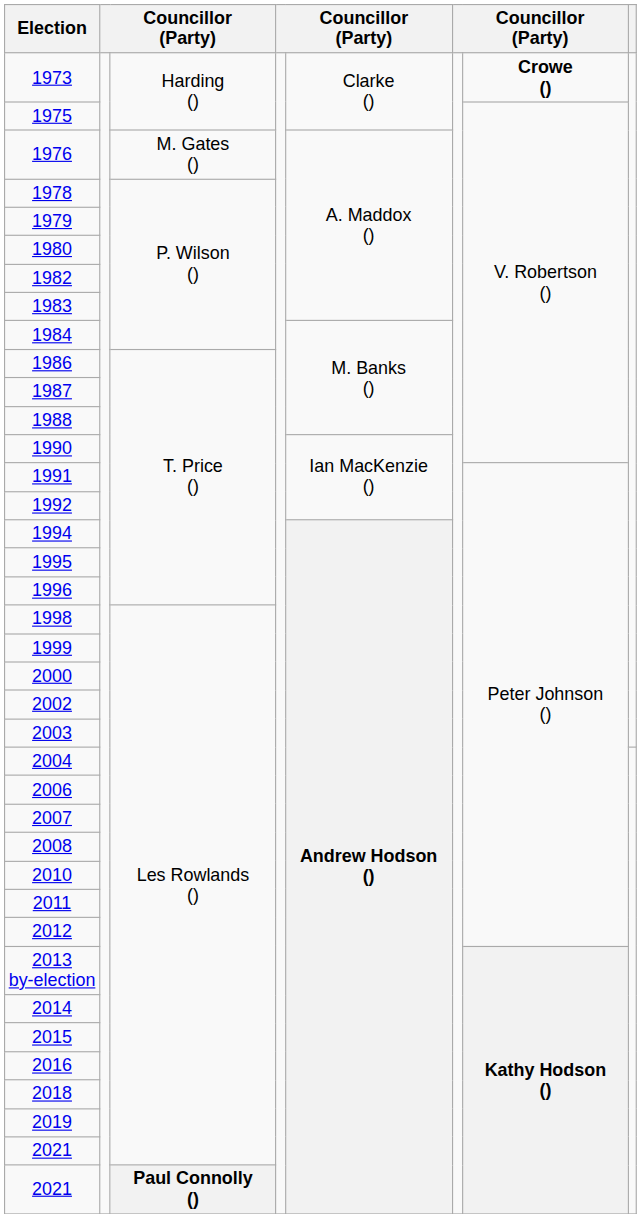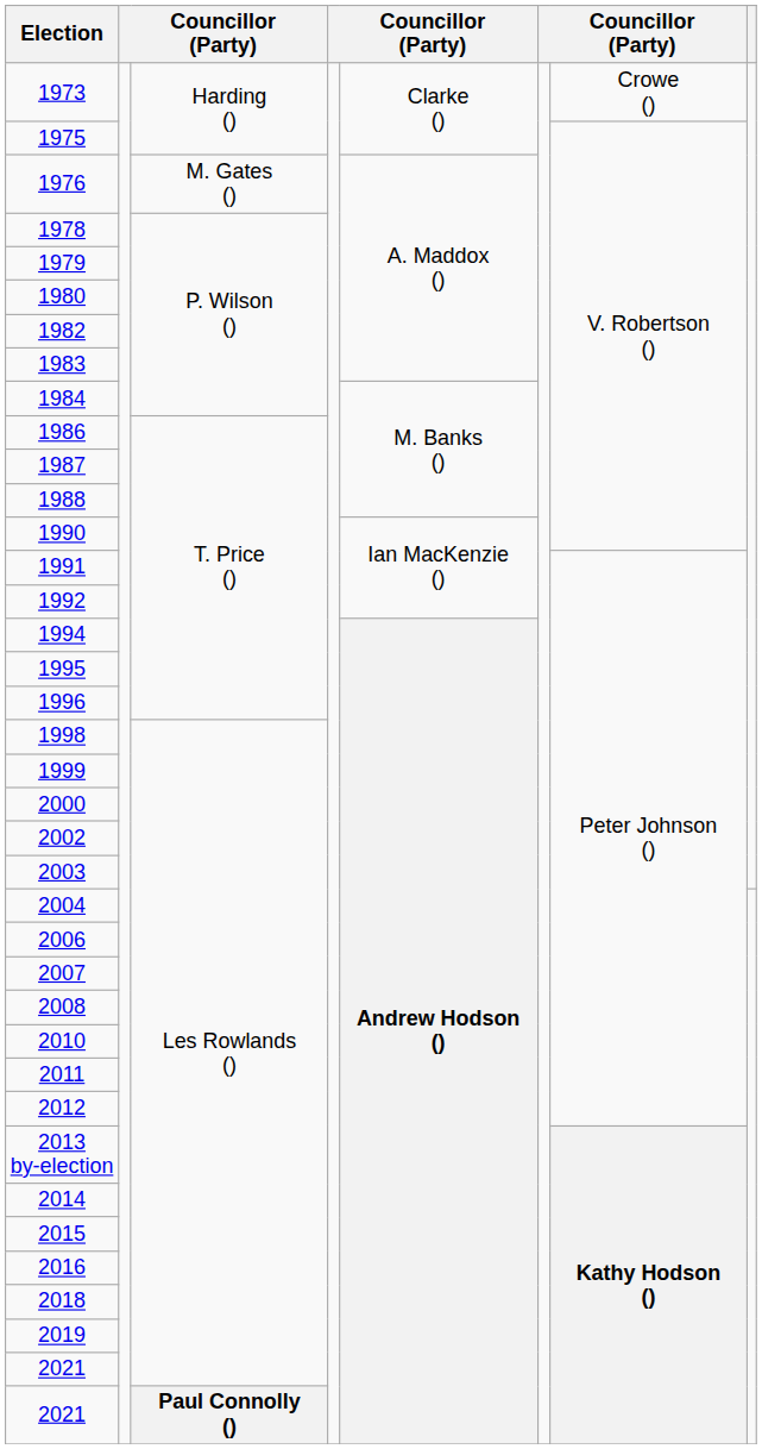 <table class="wikitable" style="text-align:center">
 <tr>
 <th>Election</th>
 <th scope="col" width="150" colspan = "2">Councillor<br> (Party)</th>
 <th scope="col" width="150" colspan = "2">Councillor<br> (Party)</th>
 <th scope="col" width="150" colspan = "2">Councillor<br> (Party)</th>
 <th></th>
 </tr>
 <tr>
 <td><a href='#'>1973</a></td>
 <td rowspan=38 style="background-color: "></td>
 <td rowspan=2>Harding<br>(<a href='#'></a>)</td>
 <td rowspan=38 style="background-color: "></td>
 <td rowspan=2>Clarke<br>(<a href='#'></a>)</td>
 <td rowspan=38 style="background-color: "></td>
-<td><strong>Crowe<br>(<a href='#'></a>)</strong></td>
+<td>Crowe<br>(<a href='#'></a>)</td>
 <td rowspan=23></td>
 </tr>
 <tr>
 <td><a href='#'>1975</a></td>
 <td rowspan=12>V. Robertson<br>(<a href='#'></a>)</td>
 </tr>
 <tr>
 <td><a href='#'>1976</a></td>
 <td>M. Gates<br>(<a href='#'></a>)</td>
 <td rowspan=6>A. Maddox<br>(<a href='#'></a>)</td>
 </tr>
 <tr>
 <td><a href='#'>1978</a></td>
 <td rowspan=6>P. Wilson<br>(<a href='#'></a>)</td>
 </tr>
 <tr>
 <td><a href='#'>1979</a></td>
 </tr>
 <tr>
 <td><a href='#'>1980</a></td>
 </tr>
 <tr>
 <td><a href='#'>1982</a></td>
 </tr>
 <tr>
 <td><a href='#'>1983</a></td>
 </tr>
 <tr>
 <td><a href='#'>1984</a></td>
 <td rowspan=4>M. Banks<br>(<a href='#'></a>)</td>
 </tr>
 <tr>
 <td><a href='#'>1986</a></td>
 <td rowspan=9>T. Price<br>(<a href='#'></a>)</td>
 </tr>
 <tr>
 <td><a href='#'>1987</a></td>
 </tr>
 <tr>
 <td><a href='#'>1988</a></td>
 </tr>
 <tr>
 <td><a href='#'>1990</a></td>
 <td rowspan=3>Ian MacKenzie<br>(<a href='#'></a>)</td>
 </tr>
 <tr>
 <td><a href='#'>1991</a></td>
 <td rowspan=17>Peter Johnson<br>(<a href='#'></a>)</td>
 </tr>
 <tr>
 <td><a href='#'>1992</a></td>
 </tr>
 <tr>
 <td><a href='#'>1994</a></td>
 <th rowspan=23>Andrew Hodson<br>(<a href='#'></a>)</th>
 </tr>
 <tr>
 <td><a href='#'>1995</a></td>
 </tr>
 <tr>
 <td><a href='#'>1996</a></td>
 </tr>
 <tr>
 <td><a href='#'>1998</a></td>
 <td rowspan=19>Les Rowlands<br>(<a href='#'></a>)</td>
 </tr>
 <tr>
 <td><a href='#'>1999</a></td>
 </tr>
 <tr>
 <td><a href='#'>2000</a></td>
 </tr>
 <tr>
 <td><a href='#'>2002</a></td>
 </tr>
 <tr>
 <td><a href='#'>2003</a></td>
 </tr>
 <tr>
 <td><a href='#'>2004</a></td>
 <td rowspan=15></td>
 </tr>
 <tr>
 <td><a href='#'>2006</a></td>
 </tr>
 <tr>
 <td><a href='#'>2007</a></td>
 </tr>
 <tr>
 <td><a href='#'>2008</a></td>
 </tr>
 <tr>
 <td><a href='#'>2010</a></td>
 </tr>
 <tr>
 <td><a href='#'>2011</a></td>
 </tr>
 <tr>
 <td><a href='#'>2012</a></td>
 </tr>
 <tr>
 <td><a href='#'>2013<br>by-election</a></td>
 <th rowspan=8>Kathy Hodson<br>(<a href='#'></a>)</th>
 </tr>
 <tr>
 <td><a href='#'>2014</a></td>
 </tr>
 <tr>
 <td><a href='#'>2015</a></td>
 </tr>
 <tr>
 <td><a href='#'>2016</a></td>
 </tr>
 <tr>
 <td><a href='#'>2018</a></td>
 </tr>
 <tr>
 <td><a href='#'>2019</a></td>
 </tr>
 <tr>
 <td><a href='#'>2021</a></td>
 </tr>
 <tr>
 <td><a href='#'>2021</a></td>
 <th>Paul Connolly<br>(<a href='#'></a>)</th>
 </tr>
 <tr>
 </tr>
 </table>
